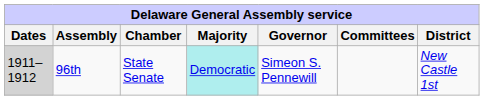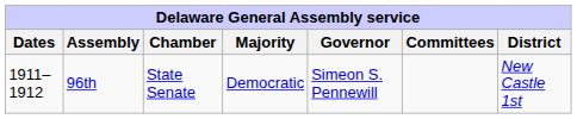 <table class=wikitable style="width: 94%" style="text-align: center;" align="center">
 <tr bgcolor=#cccccc>
 <th colspan=7 style="background: #ccccff;">Delaware General Assembly service</th>
 </tr>
 <tr>
 <th><strong>Dates</strong></th>
 <th><strong>Assembly</strong></th>
 <th><strong>Chamber</strong></th>
 <th><strong>Majority</strong></th>
 <th><strong>Governor</strong></th>
 <th><strong>Committees</strong></th>
 <th><strong>District</strong></th>
 </tr>
 <tr>
-<td style="background: lightgrey;">1911–1912</td>
+<td>1911–1912</td>
 <td><a href='#'>96th</a></td>
 <td><a href='#'>State Senate</a></td>
-<td style="background: paleturquoise;"><a href='#'>Democratic</a></td>
+<td><a href='#'>Democratic</a></td>
 <td><a href='#'>Simeon S. Pennewill</a></td>
 <td></td>
 <td><a href='#'><em>New Castle 1st</em></a></td>
 </tr>
 </table>
